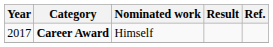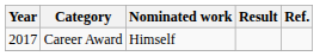 <table class="wikitable sortable">
 <tr>
 <th>Year</th>
 <th>Category</th>
 <th>Nominated work</th>
 <th>Result</th>
 <th>Ref.</th>
 </tr>
 <tr>
 <td>2017</td>
-<td><strong>Career Award</strong></td>
+<td>Career Award</td>
 <td>Himself</td>
 <td></td>
 <td></td>
 </tr>
 <tr>
 </tr>
 </table>
